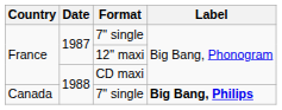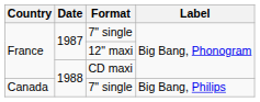 <table class=wikitable>
 <tr>
 <th>Country</th>
 <th>Date</th>
 <th>Format</th>
 <th>Label</th>
 </tr>
 <tr>
 <td rowspan="3">France</td>
 <td rowspan="2">1987</td>
 <td>7" single</td>
 <td rowspan="3">Big Bang, <a href='#'>Phonogram</a></td>
 </tr>
 <tr>
 <td>12" maxi</td>
 </tr>
 <tr>
 <td rowspan="2">1988</td>
 <td>CD maxi</td>
 </tr>
 <tr>
 <td>Canada</td>
 <td>7" single</td>
-<td><strong>Big Bang, <a href='#'>Philips</a></strong></td>
+<td>Big Bang, <a href='#'>Philips</a></td>
 </tr>
 </table>
